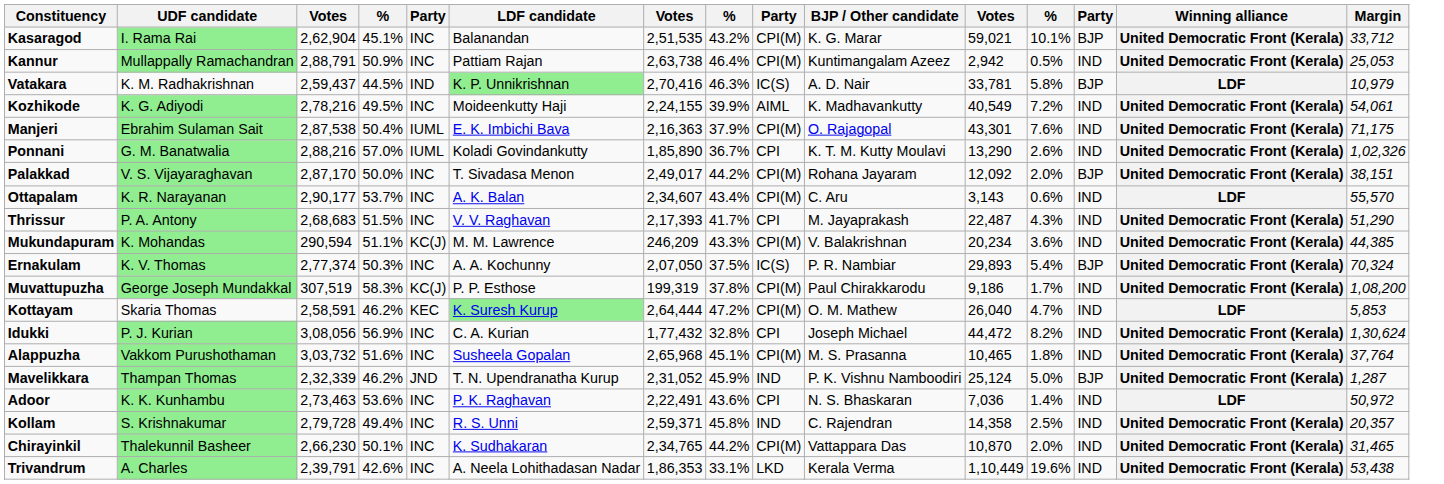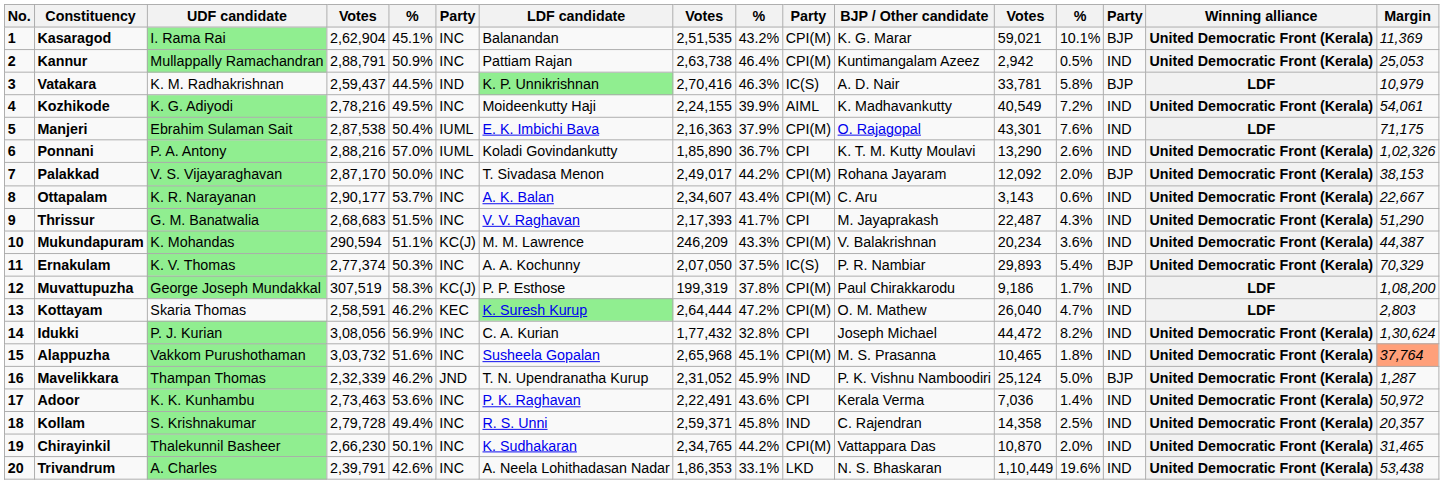 <table class="wikitable sortable" style="font-size:95%;">
 <tr>
+<th>No.</th>
 <th>Constituency</th>
 <th>UDF candidate</th>
 <th>Votes</th>
 <th>%</th>
 <th>Party</th>
 <th>LDF candidate</th>
 <th>Votes</th>
 <th>%</th>
 <th>Party</th>
 <th>BJP / Other candidate</th>
 <th>Votes</th>
 <th>%</th>
 <th>Party</th>
 <th>Winning alliance</th>
 <th>Margin</th>
 </tr>
 <tr>
+<td><strong>1</strong></td>
 <td><strong>Kasaragod</strong></td>
 <td style="background:lightgreen;">I. Rama Rai</td>
 <td>2,62,904</td>
 <td>45.1%</td>
 <td>INC</td>
 <td>Balanandan</td>
 <td>2,51,535</td>
 <td>43.2%</td>
 <td>CPI(M)</td>
 <td>K. G. Marar</td>
 <td>59,021</td>
 <td>10.1%</td>
 <td>BJP</td>
 <th style="background:">United Democratic Front (Kerala)</th>
-<td><em>33,712</em></td>
+<td><em>11,369</em></td>
 </tr>
 <tr>
+<td><strong>2</strong></td>
 <td><strong>Kannur</strong></td>
 <td style="background:lightgreen;">Mullappally Ramachandran</td>
 <td>2,88,791</td>
 <td>50.9%</td>
 <td>INC</td>
 <td>Pattiam Rajan</td>
 <td>2,63,738</td>
 <td>46.4%</td>
 <td>CPI(M)</td>
 <td>Kuntimangalam Azeez</td>
 <td>2,942</td>
 <td>0.5%</td>
 <td>IND</td>
 <th style="background:">United Democratic Front (Kerala)</th>
 <td><em>25,053</em></td>
 </tr>
 <tr>
+<td><strong>3</strong></td>
 <td><strong>Vatakara</strong></td>
 <td>K. M. Radhakrishnan</td>
 <td>2,59,437</td>
 <td>44.5%</td>
 <td>IND</td>
 <td style="background:lightgreen;">K. P. Unnikrishnan</td>
 <td>2,70,416</td>
 <td>46.3%</td>
 <td>IC(S)</td>
 <td>A. D. Nair</td>
 <td>33,781</td>
 <td>5.8%</td>
 <td>BJP</td>
 <th style="background:">LDF</th>
 <td><em>10,979</em></td>
 </tr>
 <tr>
+<td><strong>4</strong></td>
 <td><strong>Kozhikode</strong></td>
 <td style="background:lightgreen;">K. G. Adiyodi</td>
 <td>2,78,216</td>
 <td>49.5%</td>
 <td>INC</td>
 <td>Moideenkutty Haji</td>
 <td>2,24,155</td>
 <td>39.9%</td>
 <td>AIML</td>
 <td>K. Madhavankutty</td>
 <td>40,549</td>
 <td>7.2%</td>
 <td>IND</td>
 <th style="background:">United Democratic Front (Kerala)</th>
 <td><em>54,061</em></td>
 </tr>
 <tr>
+<td><strong>5</strong></td>
 <td><strong>Manjeri</strong></td>
 <td style="background:lightgreen;">Ebrahim Sulaman Sait</td>
 <td>2,87,538</td>
 <td>50.4%</td>
 <td>IUML</td>
 <td><a href='#'>E. K. Imbichi Bava</a></td>
 <td>2,16,363</td>
 <td>37.9%</td>
 <td>CPI(M)</td>
 <td><a href='#'>O. Rajagopal</a></td>
 <td>43,301</td>
 <td>7.6%</td>
 <td>IND</td>
-<th style="background:">United Democratic Front (Kerala)</th>
+<th style="background:">LDF</th>
 <td><em>71,175</em></td>
 </tr>
 <tr>
+<td><strong>6</strong></td>
 <td><strong>Ponnani</strong></td>
-<td style="background:lightgreen;">G. M. Banatwalia</td>
+<td style="background:lightgreen;">P. A. Antony</td>
 <td>2,88,216</td>
 <td>57.0%</td>
 <td>IUML</td>
 <td>Koladi Govindankutty</td>
 <td>1,85,890</td>
 <td>36.7%</td>
 <td>CPI</td>
 <td>K. T. M. Kutty Moulavi</td>
 <td>13,290</td>
 <td>2.6%</td>
 <td>IND</td>
 <th style="background:">United Democratic Front (Kerala)</th>
 <td><em>1,02,326</em></td>
 </tr>
 <tr>
+<td><strong>7</strong></td>
 <td><strong>Palakkad</strong></td>
 <td style="background:lightgreen;">V. S. Vijayaraghavan</td>
 <td>2,87,170</td>
 <td>50.0%</td>
 <td>INC</td>
 <td>T. Sivadasa Menon</td>
 <td>2,49,017</td>
 <td>44.2%</td>
 <td>CPI(M)</td>
 <td>Rohana Jayaram</td>
 <td>12,092</td>
 <td>2.0%</td>
 <td>BJP</td>
 <th style="background:">United Democratic Front (Kerala)</th>
-<td><em>38,151</em></td>
+<td><em>38,153</em></td>
 </tr>
 <tr>
+<td><strong>8</strong></td>
 <td><strong>Ottapalam</strong></td>
 <td style="background:lightgreen;">K. R. Narayanan</td>
 <td>2,90,177</td>
 <td>53.7%</td>
 <td>INC</td>
 <td><a href='#'>A. K. Balan</a></td>
 <td>2,34,607</td>
 <td>43.4%</td>
 <td>CPI(M)</td>
 <td>C. Aru</td>
 <td>3,143</td>
 <td>0.6%</td>
 <td>IND</td>
-<th style="background:">LDF</th>
-<td><em>55,570</em></td>
+<th style="background:">United Democratic Front (Kerala)</th>
+<td><em>22,667</em></td>
 </tr>
 <tr>
+<td><strong>9</strong></td>
 <td><strong>Thrissur</strong></td>
-<td style="background:lightgreen;">P. A. Antony</td>
+<td style="background:lightgreen;">G. M. Banatwalia</td>
 <td>2,68,683</td>
 <td>51.5%</td>
 <td>INC</td>
 <td><a href='#'>V. V. Raghavan</a></td>
 <td>2,17,393</td>
 <td>41.7%</td>
 <td>CPI</td>
 <td>M. Jayaprakash</td>
 <td>22,487</td>
 <td>4.3%</td>
 <td>IND</td>
 <th style="background:">United Democratic Front (Kerala)</th>
 <td><em>51,290</em></td>
 </tr>
 <tr>
+<td><strong>10</strong></td>
 <td><strong>Mukundapuram</strong></td>
 <td style="background:lightgreen;">K. Mohandas</td>
 <td>290,594</td>
 <td>51.1%</td>
 <td>KC(J)</td>
 <td>M. M. Lawrence</td>
 <td>246,209</td>
 <td>43.3%</td>
 <td>CPI(M)</td>
 <td>V. Balakrishnan</td>
 <td>20,234</td>
 <td>3.6%</td>
 <td>IND</td>
 <th style="background:">United Democratic Front (Kerala)</th>
-<td><em>44,385</em></td>
+<td><em>44,387</em></td>
 </tr>
 <tr>
+<td><strong>11</strong></td>
 <td><strong>Ernakulam</strong></td>
 <td style="background:lightgreen;">K. V. Thomas</td>
 <td>2,77,374</td>
 <td>50.3%</td>
 <td>INC</td>
 <td>A. A. Kochunny</td>
 <td>2,07,050</td>
 <td>37.5%</td>
 <td>IC(S)</td>
 <td>P. R. Nambiar</td>
 <td>29,893</td>
 <td>5.4%</td>
 <td>BJP</td>
 <th style="background:">United Democratic Front (Kerala)</th>
-<td><em>70,324</em></td>
+<td><em>70,329</em></td>
 </tr>
 <tr>
+<td><strong>12</strong></td>
 <td><strong>Muvattupuzha</strong></td>
 <td style="background:lightgreen;">George Joseph Mundakkal</td>
 <td>307,519</td>
 <td>58.3%</td>
 <td>KC(J)</td>
 <td>P. P. Esthose</td>
 <td>199,319</td>
 <td>37.8%</td>
 <td>CPI(M)</td>
 <td>Paul Chirakkarodu</td>
 <td>9,186</td>
 <td>1.7%</td>
 <td>IND</td>
-<th style="background:">United Democratic Front (Kerala)</th>
+<th style="background:">LDF</th>
 <td><em>1,08,200</em></td>
 </tr>
 <tr>
+<td><strong>13</strong></td>
 <td><strong>Kottayam</strong></td>
 <td>Skaria Thomas</td>
 <td>2,58,591</td>
 <td>46.2%</td>
 <td>KEC</td>
 <td style="background:lightgreen;"><a href='#'>K. Suresh Kurup</a></td>
 <td>2,64,444</td>
 <td>47.2%</td>
 <td>CPI(M)</td>
 <td>O. M. Mathew</td>
 <td>26,040</td>
 <td>4.7%</td>
 <td>IND</td>
 <th style="background:">LDF</th>
-<td><em>5,853</em></td>
+<td><em>2,803</em></td>
 </tr>
 <tr>
+<td><strong>14</strong></td>
 <td><strong>Idukki</strong></td>
 <td style="background:lightgreen;">P. J. Kurian</td>
 <td>3,08,056</td>
 <td>56.9%</td>
 <td>INC</td>
 <td>C. A. Kurian</td>
 <td>1,77,432</td>
 <td>32.8%</td>
 <td>CPI</td>
 <td>Joseph Michael</td>
 <td>44,472</td>
 <td>8.2%</td>
 <td>IND</td>
 <th style="background:">United Democratic Front (Kerala)</th>
 <td><em>1,30,624</em></td>
 </tr>
 <tr>
+<td><strong>15</strong></td>
 <td><strong>Alappuzha</strong></td>
 <td style="background:lightgreen;">Vakkom Purushothaman</td>
 <td>3,03,732</td>
 <td>51.6%</td>
 <td>INC</td>
 <td><a href='#'>Susheela Gopalan</a></td>
 <td>2,65,968</td>
 <td>45.1%</td>
 <td>CPI(M)</td>
 <td>M. S. Prasanna</td>
 <td>10,465</td>
 <td>1.8%</td>
 <td>IND</td>
 <th style="background:">United Democratic Front (Kerala)</th>
-<td><em>37,764</em></td>
+<td style="background: lightsalmon;"><em>37,764</em></td>
 </tr>
 <tr>
+<td><strong>16</strong></td>
 <td><strong>Mavelikkara</strong></td>
 <td style="background:lightgreen;">Thampan Thomas</td>
 <td>2,32,339</td>
 <td>46.2%</td>
 <td>JND</td>
 <td>T. N. Upendranatha Kurup</td>
 <td>2,31,052</td>
 <td>45.9%</td>
 <td>IND</td>
 <td>P. K. Vishnu Namboodiri</td>
 <td>25,124</td>
 <td>5.0%</td>
 <td>BJP</td>
 <th style="background:">United Democratic Front (Kerala)</th>
 <td><em>1,287</em></td>
 </tr>
 <tr>
+<td><strong>17</strong></td>
 <td><strong>Adoor</strong></td>
 <td style="background:lightgreen;">K. K. Kunhambu</td>
 <td>2,73,463</td>
 <td>53.6%</td>
 <td>INC</td>
 <td><a href='#'>P. K. Raghavan</a></td>
 <td>2,22,491</td>
 <td>43.6%</td>
 <td>CPI</td>
-<td>N. S. Bhaskaran</td>
+<td>Kerala Verma</td>
 <td>7,036</td>
 <td>1.4%</td>
 <td>IND</td>
-<th style="background:">LDF</th>
+<th style="background:">United Democratic Front (Kerala)</th>
 <td><em>50,972</em></td>
 </tr>
 <tr>
+<td><strong>18</strong></td>
 <td><strong>Kollam</strong></td>
 <td style="background:lightgreen;">S. Krishnakumar</td>
 <td>2,79,728</td>
 <td>49.4%</td>
 <td>INC</td>
 <td><a href='#'>R. S. Unni</a></td>
 <td>2,59,371</td>
 <td>45.8%</td>
 <td>IND</td>
 <td>C. Rajendran</td>
 <td>14,358</td>
 <td>2.5%</td>
 <td>IND</td>
 <th style="background:">United Democratic Front (Kerala)</th>
 <td><em>20,357</em></td>
 </tr>
 <tr>
+<td><strong>19</strong></td>
 <td><strong>Chirayinkil</strong></td>
 <td style="background:lightgreen;">Thalekunnil Basheer</td>
 <td>2,66,230</td>
 <td>50.1%</td>
 <td>INC</td>
 <td><a href='#'>K. Sudhakaran</a></td>
 <td>2,34,765</td>
 <td>44.2%</td>
 <td>CPI(M)</td>
 <td>Vattappara Das</td>
 <td>10,870</td>
 <td>2.0%</td>
 <td>IND</td>
 <th style="background:">United Democratic Front (Kerala)</th>
 <td><em>31,465</em></td>
 </tr>
 <tr>
+<td><strong>20</strong></td>
 <td><strong>Trivandrum</strong></td>
 <td style="background:lightgreen;">A. Charles</td>
 <td>2,39,791</td>
 <td>42.6%</td>
 <td>INC</td>
 <td>A. Neela Lohithadasan Nadar</td>
 <td>1,86,353</td>
 <td>33.1%</td>
 <td>LKD</td>
-<td>Kerala Verma</td>
+<td>N. S. Bhaskaran</td>
 <td>1,10,449</td>
 <td>19.6%</td>
 <td>IND</td>
 <th style="background:">United Democratic Front (Kerala)</th>
 <td><em>53,438</em></td>
 </tr>
 </table>
